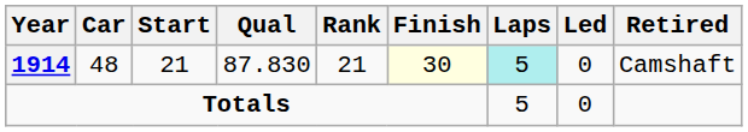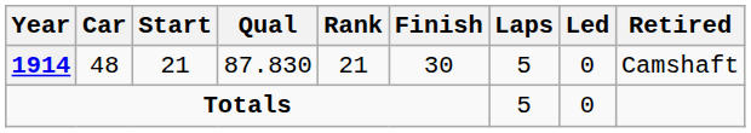 <table class="wikitable" style="text-align:center">
 <tr>
 <th>Year</th>
 <th>Car</th>
 <th>Start</th>
 <th>Qual</th>
 <th>Rank</th>
 <th>Finish</th>
 <th>Laps</th>
 <th>Led</th>
 <th>Retired</th>
 </tr>
 <tr>
 <th><a href='#'>1914</a></th>
 <td>48</td>
 <td>21</td>
 <td>87.830</td>
 <td>21</td>
-<td style="background: lightyellow;">30</td>
-<td style="background: paleturquoise;">5</td>
+<td>30</td>
+<td>5</td>
 <td>0</td>
 <td>Camshaft</td>
 </tr>
 <tr>
 <td colspan=6><strong>Totals</strong></td>
 <td>5</td>
 <td>0</td>
 <td></td>
 </tr>
 </table>
